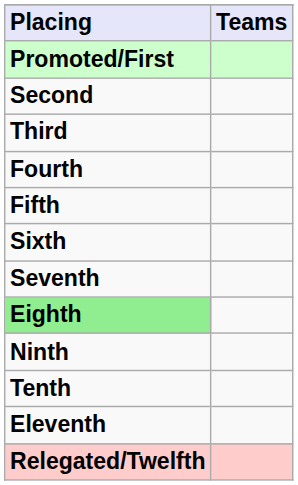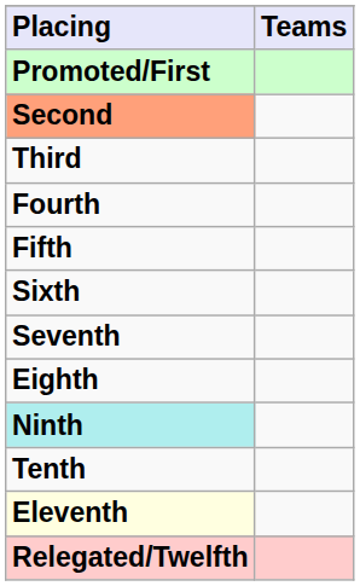 <table class=wikitable>
 <tr>
 </tr>
 <tr style="background: #E6E6FA;">
 <td><strong>Placing</strong></td>
 <td colspan="4" style="text-align:center"><strong>Teams</strong></td>
 </tr>
 <tr style="background: #ccffcc;">
 <td><strong>Promoted/First</strong></td>
 <td><strong></strong></td>
 </tr>
 <tr>
-<td><strong>Second</strong></td>
+<td style="background: lightsalmon;"><strong>Second</strong></td>
 <td></td>
 </tr>
 <tr>
 <td><strong>Third</strong></td>
 <td></td>
 </tr>
 <tr>
 <td><strong>Fourth</strong></td>
 <td></td>
 </tr>
 <tr>
 <td><strong>Fifth</strong></td>
 <td></td>
 </tr>
 <tr>
 <td><strong>Sixth</strong></td>
 <td></td>
 </tr>
 <tr>
 <td><strong>Seventh</strong></td>
 <td></td>
 </tr>
 <tr>
-<td style="background: lightgreen;"><strong>Eighth</strong></td>
+<td><strong>Eighth</strong></td>
 <td></td>
 </tr>
 <tr>
-<td><strong>Ninth</strong></td>
+<td style="background: paleturquoise;"><strong>Ninth</strong></td>
 <td></td>
 </tr>
 <tr>
 <td><strong>Tenth</strong></td>
 <td></td>
 </tr>
 <tr>
-<td><strong>Eleventh</strong></td>
+<td style="background: lightyellow;"><strong>Eleventh</strong></td>
 <td></td>
 </tr>
 <tr style="background: #ffcccc;">
 <td><strong>Relegated/Twelfth</strong></td>
 <td><em></em></td>
 </tr>
 </table>
